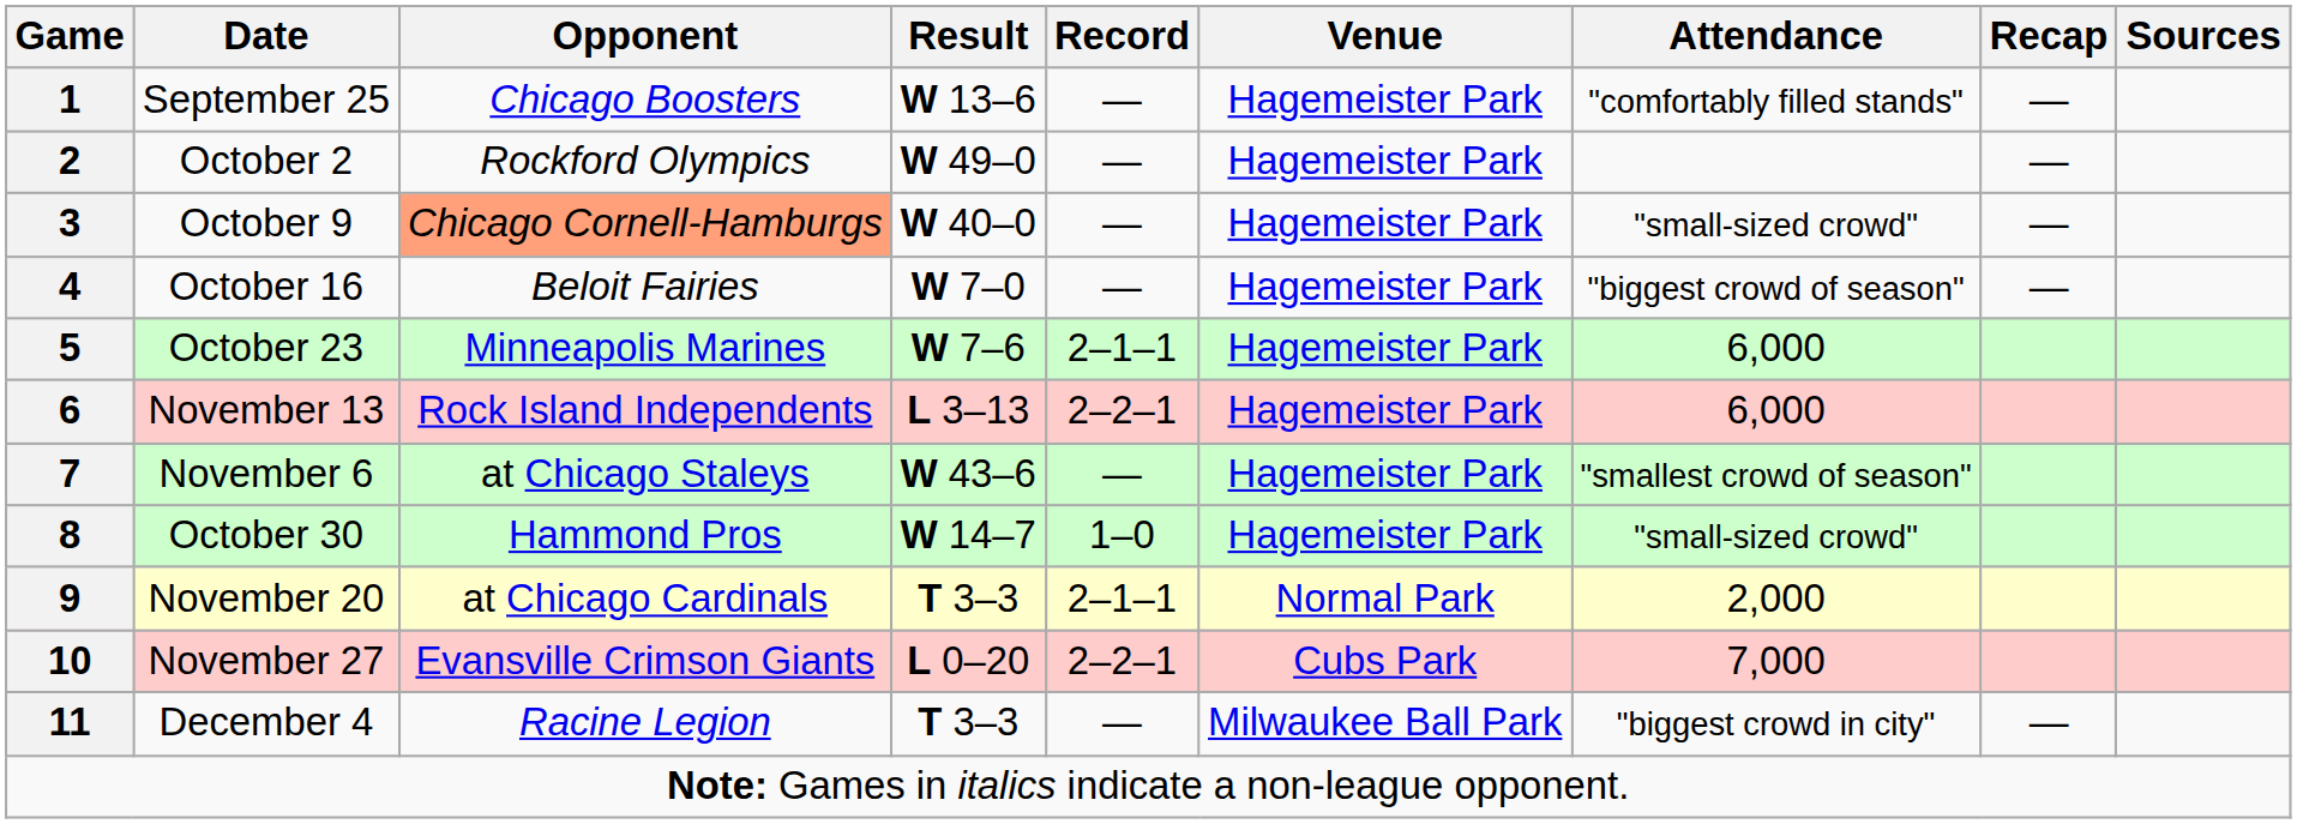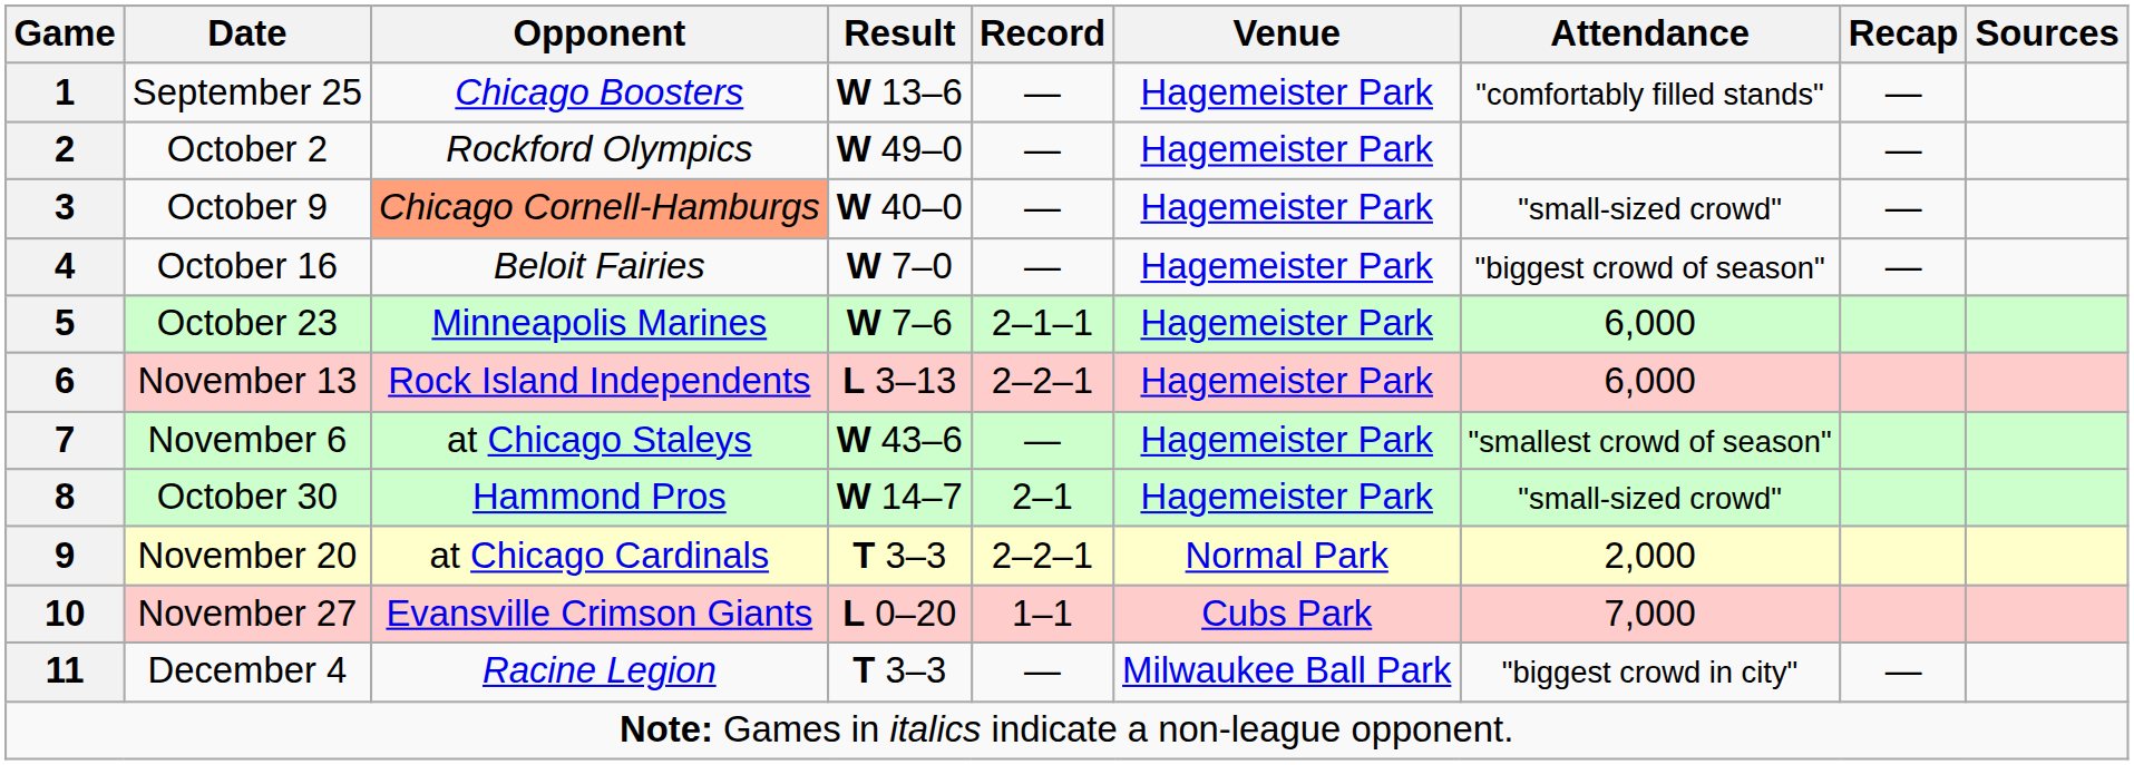 <table class="wikitable" style="text-align:center">
 <tr>
 <th>Game</th>
 <th>Date</th>
 <th>Opponent</th>
 <th>Result</th>
 <th>Record</th>
 <th>Venue</th>
 <th>Attendance</th>
 <th>Recap</th>
 <th>Sources</th>
 </tr>
 <tr>
 <th>1</th>
 <td>September 25</td>
 <td><em><a href='#'>Chicago Boosters</a></em></td>
 <td><strong>W</strong> 13–6</td>
 <td>—</td>
 <td><a href='#'>Hagemeister Park</a></td>
 <td><small>"comfortably filled stands"</small></td>
 <td>—</td>
 <td></td>
 </tr>
 <tr>
 <th>2</th>
 <td>October 2</td>
 <td><em>Rockford Olympics</em></td>
 <td><strong>W</strong> 49–0</td>
 <td>—</td>
 <td><a href='#'>Hagemeister Park</a></td>
 <td></td>
 <td>—</td>
 <td></td>
 </tr>
 <tr>
 <th>3</th>
 <td>October 9</td>
 <td style="background: lightsalmon;"><em>Chicago Cornell-Hamburgs</em></td>
 <td><strong>W</strong> 40–0</td>
 <td>—</td>
 <td><a href='#'>Hagemeister Park</a></td>
 <td><small>"small-sized crowd"</small></td>
 <td>—</td>
 <td></td>
 </tr>
 <tr>
 <th>4</th>
 <td>October 16</td>
 <td><em>Beloit Fairies</em></td>
 <td><strong>W</strong> 7–0</td>
 <td>—</td>
 <td><a href='#'>Hagemeister Park</a></td>
 <td><small>"biggest crowd of season"</small></td>
 <td>—</td>
 <td></td>
 </tr>
 <tr style="background:#cfc">
 <th>5</th>
 <td>October 23</td>
 <td><a href='#'>Minneapolis Marines</a></td>
 <td><strong>W</strong> 7–6</td>
 <td>2–1–1</td>
 <td><a href='#'>Hagemeister Park</a></td>
 <td>6,000</td>
 <td></td>
 <td></td>
 </tr>
 <tr style="background:#fcc">
 <th>6</th>
 <td>November 13</td>
 <td><a href='#'>Rock Island Independents</a></td>
 <td><strong>L</strong> 3–13</td>
 <td>2–2–1</td>
 <td><a href='#'>Hagemeister Park</a></td>
 <td>6,000 </td>
 <td></td>
 <td></td>
 </tr>
 <tr style="background:#cfc">
 <th>7</th>
 <td>November 6</td>
 <td>at <a href='#'>Chicago Staleys</a></td>
 <td><strong>W</strong> 43–6</td>
 <td>—</td>
 <td><a href='#'>Hagemeister Park</a></td>
 <td><small>"smallest crowd of season"</small></td>
 <td></td>
 <td></td>
 </tr>
 <tr style="background:#cfc">
 <th>8</th>
 <td>October 30</td>
 <td><a href='#'>Hammond Pros</a></td>
 <td><strong>W</strong> 14–7</td>
-<td>1–0</td>
+<td>2–1</td>
 <td><a href='#'>Hagemeister Park</a></td>
 <td><small>"small-sized crowd"</small></td>
 <td></td>
 <td></td>
 </tr>
 <tr style="background:#ffc">
 <th>9</th>
 <td>November 20</td>
 <td>at <a href='#'>Chicago Cardinals</a></td>
 <td><strong>T</strong> 3–3</td>
-<td>2–1–1</td>
+<td>2–2–1</td>
 <td><a href='#'>Normal Park</a></td>
 <td>2,000</td>
 <td></td>
 <td></td>
 </tr>
 <tr style="background:#fcc">
 <th>10</th>
 <td>November 27</td>
 <td><a href='#'>Evansville Crimson Giants</a></td>
 <td><strong>L</strong> 0–20</td>
-<td>2–2–1</td>
+<td>1–1</td>
 <td><a href='#'>Cubs Park</a></td>
 <td>7,000</td>
 <td></td>
 <td></td>
 </tr>
 <tr>
 <th>11</th>
 <td>December 4</td>
 <td><em><a href='#'>Racine Legion</a></em></td>
 <td><strong>T</strong> 3–3</td>
 <td>—</td>
 <td><a href='#'>Milwaukee Ball Park</a></td>
 <td><small>"biggest crowd in city"</small></td>
 <td>—</td>
 <td></td>
 </tr>
 <tr>
 <td colspan="10"><strong>Note:</strong> Games in <em>italics</em> indicate a non-league opponent.</td>
 </tr>
 </table>
